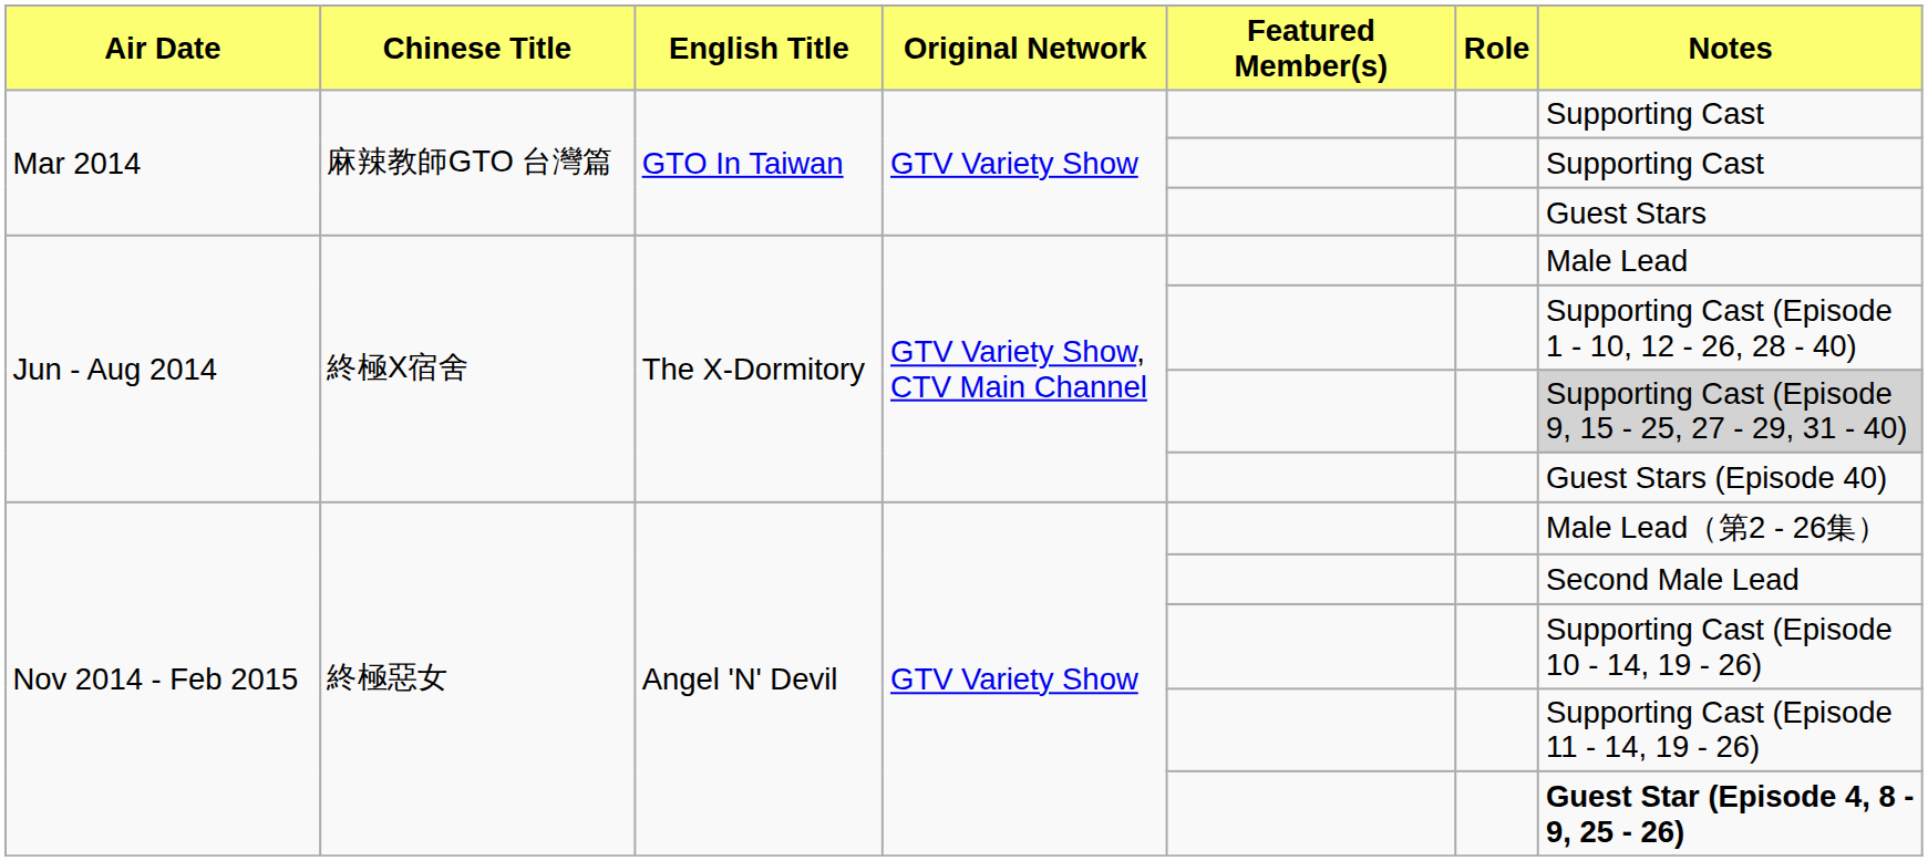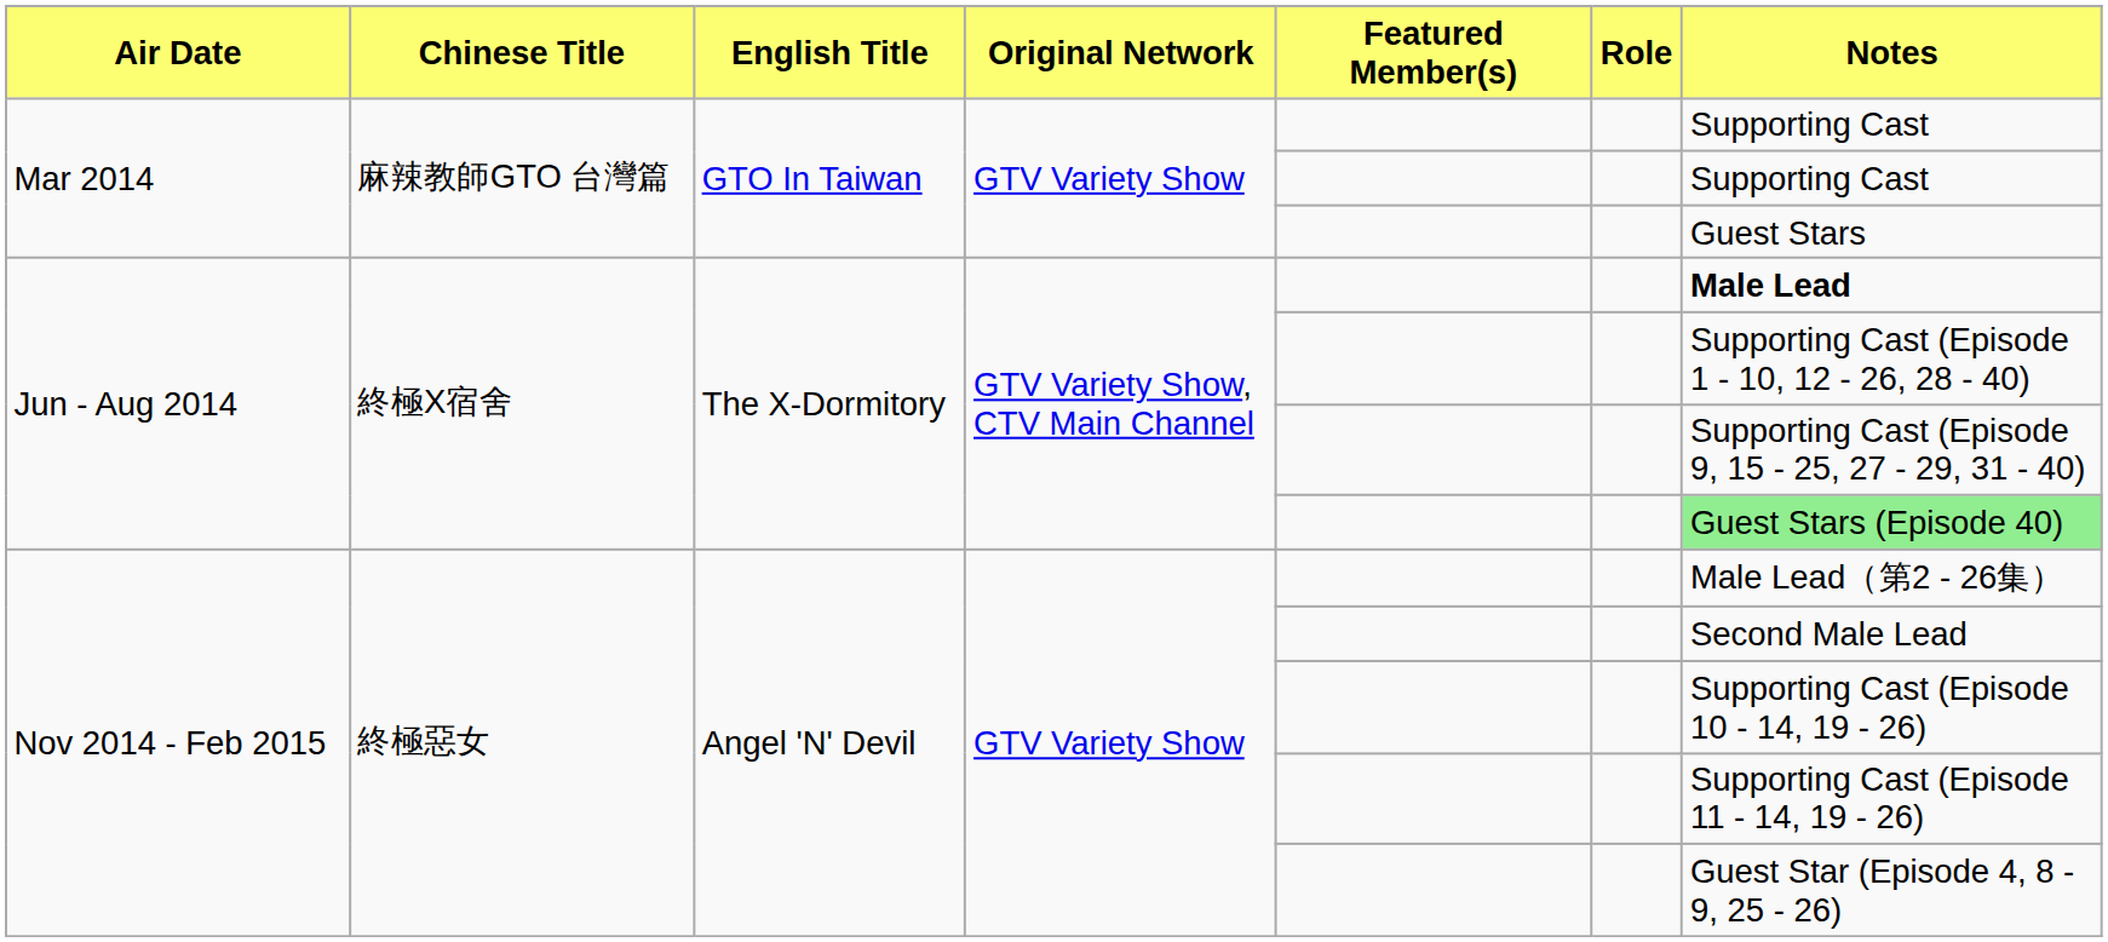 <table class="wikitable" style="font-size:14px" text-align="center" width="100%">
 <tr>
 <th style="background: #FDFF73"><strong>Air Date</strong></th>
 <th style="background: #FDFF73"><strong>Chinese Title</strong></th>
 <th style="background: #FDFF73"><strong>English Title</strong></th>
 <th style="background: #FDFF73"><strong>Original Network</strong></th>
 <th style="background: #FDFF73" width="15%"><strong>Featured Member(s)</strong></th>
 <th style="background: #FDFF73"><strong>Role</strong></th>
 <th style="background: #FDFF73" width="20%"><strong>Notes</strong></th>
 </tr>
 <tr>
 <td rowspan="3">Mar 2014</td>
 <td rowspan="3">麻辣教師GTO 台灣篇</td>
 <td rowspan="3"><a href='#'>GTO In Taiwan</a></td>
 <td rowspan="3"><a href='#'>GTV Variety Show</a></td>
 <td></td>
 <td></td>
 <td>Supporting Cast</td>
 </tr>
 <tr>
 <td></td>
 <td></td>
 <td>Supporting Cast</td>
 </tr>
 <tr>
 <td></td>
 <td></td>
 <td>Guest Stars</td>
 </tr>
 <tr>
 <td rowspan="4">Jun - Aug 2014</td>
 <td rowspan="4">終極X宿舍</td>
 <td rowspan="4">The X-Dormitory</td>
 <td rowspan="4"><a href='#'>GTV Variety Show</a>,<br><a href='#'>CTV Main Channel</a></td>
 <td></td>
 <td></td>
-<td>Male Lead</td>
+<td><strong>Male Lead</strong></td>
 </tr>
 <tr>
 <td></td>
 <td></td>
 <td>Supporting Cast (Episode 1 - 10, 12 - 26, 28 - 40)</td>
 </tr>
 <tr>
 <td></td>
 <td></td>
-<td style="background: lightgrey;">Supporting Cast (Episode 9, 15 - 25, 27 - 29, 31 - 40)</td>
+<td>Supporting Cast (Episode 9, 15 - 25, 27 - 29, 31 - 40)</td>
 </tr>
 <tr>
 <td></td>
 <td></td>
-<td>Guest Stars (Episode 40)</td>
+<td style="background: lightgreen;">Guest Stars (Episode 40)</td>
 </tr>
 <tr>
 <td rowspan="5">Nov 2014 - Feb 2015</td>
 <td rowspan="5">終極惡女</td>
 <td rowspan="5">Angel 'N' Devil</td>
 <td rowspan="5"><a href='#'>GTV Variety Show</a></td>
 <td></td>
 <td></td>
 <td>Male Lead（第2 - 26集）</td>
 </tr>
 <tr>
 <td></td>
 <td></td>
 <td>Second Male Lead</td>
 </tr>
 <tr>
 <td></td>
 <td></td>
 <td>Supporting Cast (Episode 10 - 14, 19 - 26)</td>
 </tr>
 <tr>
 <td></td>
 <td></td>
 <td>Supporting Cast (Episode 11 - 14, 19 - 26)</td>
 </tr>
 <tr>
 <td></td>
 <td></td>
-<td><strong>Guest Star (Episode 4, 8 - 9, 25 - 26)</strong></td>
+<td>Guest Star (Episode 4, 8 - 9, 25 - 26)</td>
 </tr>
 </table>
